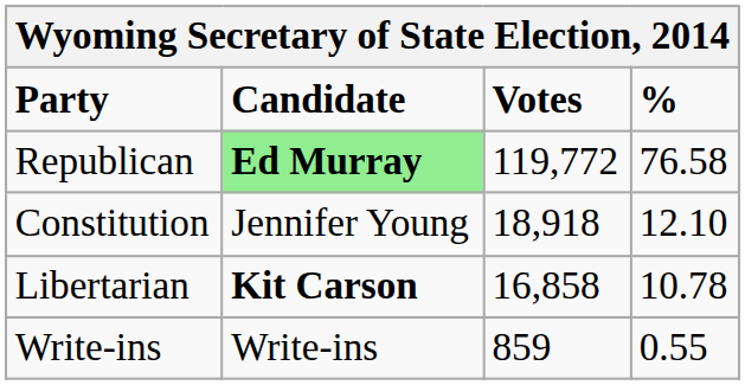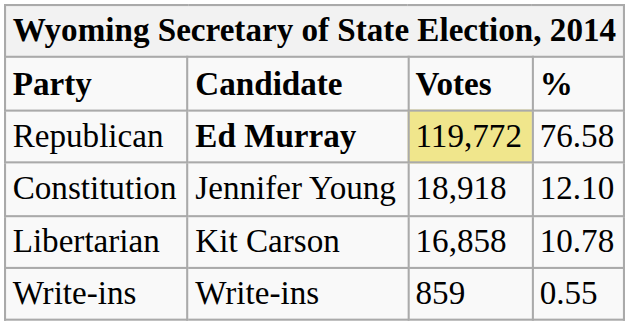 <table class="wikitable">
 <tr>
 <th colspan="4">Wyoming Secretary of State Election, 2014</th>
 </tr>
 <tr>
 <td><strong>Party</strong></td>
 <td><strong>Candidate</strong></td>
 <td><strong>Votes</strong></td>
 <td><strong>%</strong></td>
 </tr>
 <tr>
 <td>Republican</td>
-<td style="background: lightgreen;"><strong>Ed Murray</strong></td>
-<td>119,772</td>
+<td><strong>Ed Murray</strong></td>
+<td style="background: khaki;">119,772</td>
 <td>76.58</td>
 </tr>
 <tr>
 <td>Constitution</td>
 <td>Jennifer Young</td>
 <td>18,918</td>
 <td>12.10</td>
 </tr>
 <tr>
 <td>Libertarian</td>
-<td><strong>Kit Carson</strong></td>
+<td>Kit Carson</td>
 <td>16,858</td>
 <td>10.78</td>
 </tr>
 <tr>
 <td>Write-ins</td>
 <td>Write-ins</td>
 <td>859</td>
 <td>0.55</td>
 </tr>
 </table>
